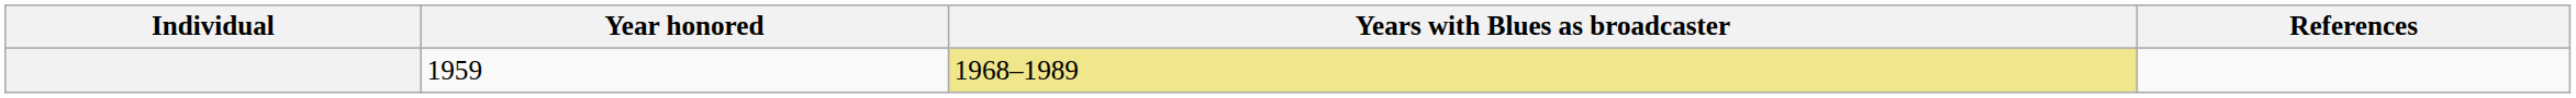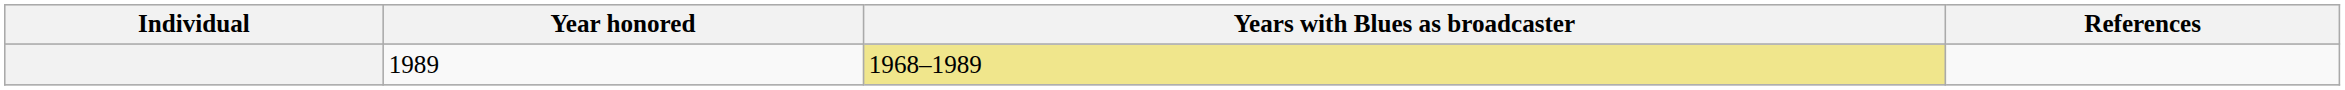 <table class="wikitable sortable" width="75%">
 <tr>
 <th scope="col">Individual</th>
 <th scope="col">Year honored</th>
 <th scope="col">Years with Blues as broadcaster</th>
 <th scope="col" class="unsortable">References</th>
 </tr>
 <tr>
 <th scope="row"></th>
-<td>1959</td>
+<td>1989</td>
 <td style="background: khaki;">1968–1989</td>
 <td></td>
 </tr>
 </table>
